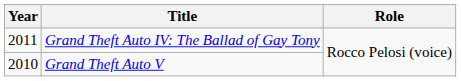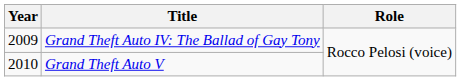 <table class="wikitable plainrowheaders sortable" style="margin–right: 0;">
 <tr>
 <th>Year</th>
 <th>Title</th>
 <th>Role</th>
 </tr>
 <tr>
-<td>2011</td>
+<td>2009</td>
 <td><em><a href='#'>Grand Theft Auto IV: The Ballad of Gay Tony</a></em></td>
 <td rowspan=2>Rocco Pelosi (voice)</td>
 </tr>
 <tr>
 <td>2010</td>
 <td><em><a href='#'>Grand Theft Auto V</a></em></td>
 </tr>
 </table>
